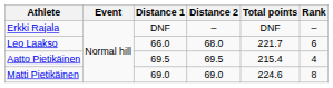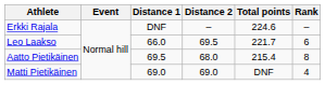 <table class="wikitable" style="font-size:90%">
 <tr>
 <th>Athlete</th>
 <th>Event</th>
 <th>Distance 1</th>
 <th>Distance 2</th>
 <th>Total points</th>
 <th>Rank</th>
 </tr>
 <tr>
 <td><a href='#'>Erkki Rajala</a></td>
 <td rowspan="4">Normal hill</td>
 <td align="center">DNF</td>
 <td align="center">–</td>
-<td align="center">DNF</td>
+<td align="center">224.6</td>
 <td align="center">–</td>
 </tr>
 <tr>
 <td><a href='#'>Leo Laakso</a></td>
 <td align="center">66.0</td>
-<td align="center">68.0</td>
+<td align="center">69.5</td>
 <td align="center">221.7</td>
 <td align="center">6</td>
 </tr>
 <tr>
 <td><a href='#'>Aatto Pietikäinen</a></td>
 <td align="center">69.5</td>
-<td align="center">69.5</td>
+<td align="center">68.0</td>
 <td align="center">215.4</td>
-<td align="center">4</td>
+<td align="center">8</td>
 </tr>
 <tr>
 <td><a href='#'>Matti Pietikäinen</a></td>
 <td align="center">69.0</td>
 <td align="center">69.0</td>
-<td align="center">224.6</td>
-<td align="center">8</td>
+<td align="center">DNF</td>
+<td align="center">4</td>
 </tr>
 </table>
